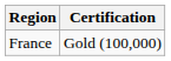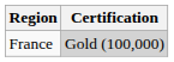 <table class="wikitable sortable plainrowheaders">
 <tr>
 <th scope="col">Region</th>
 <th scope="col">Certification</th>
 </tr>
 <tr>
 <td>France</td>
-<td align="center">Gold (100,000)</td>
+<td align="center" style="background: lightgrey;">Gold (100,000)</td>
 </tr>
 </table>
